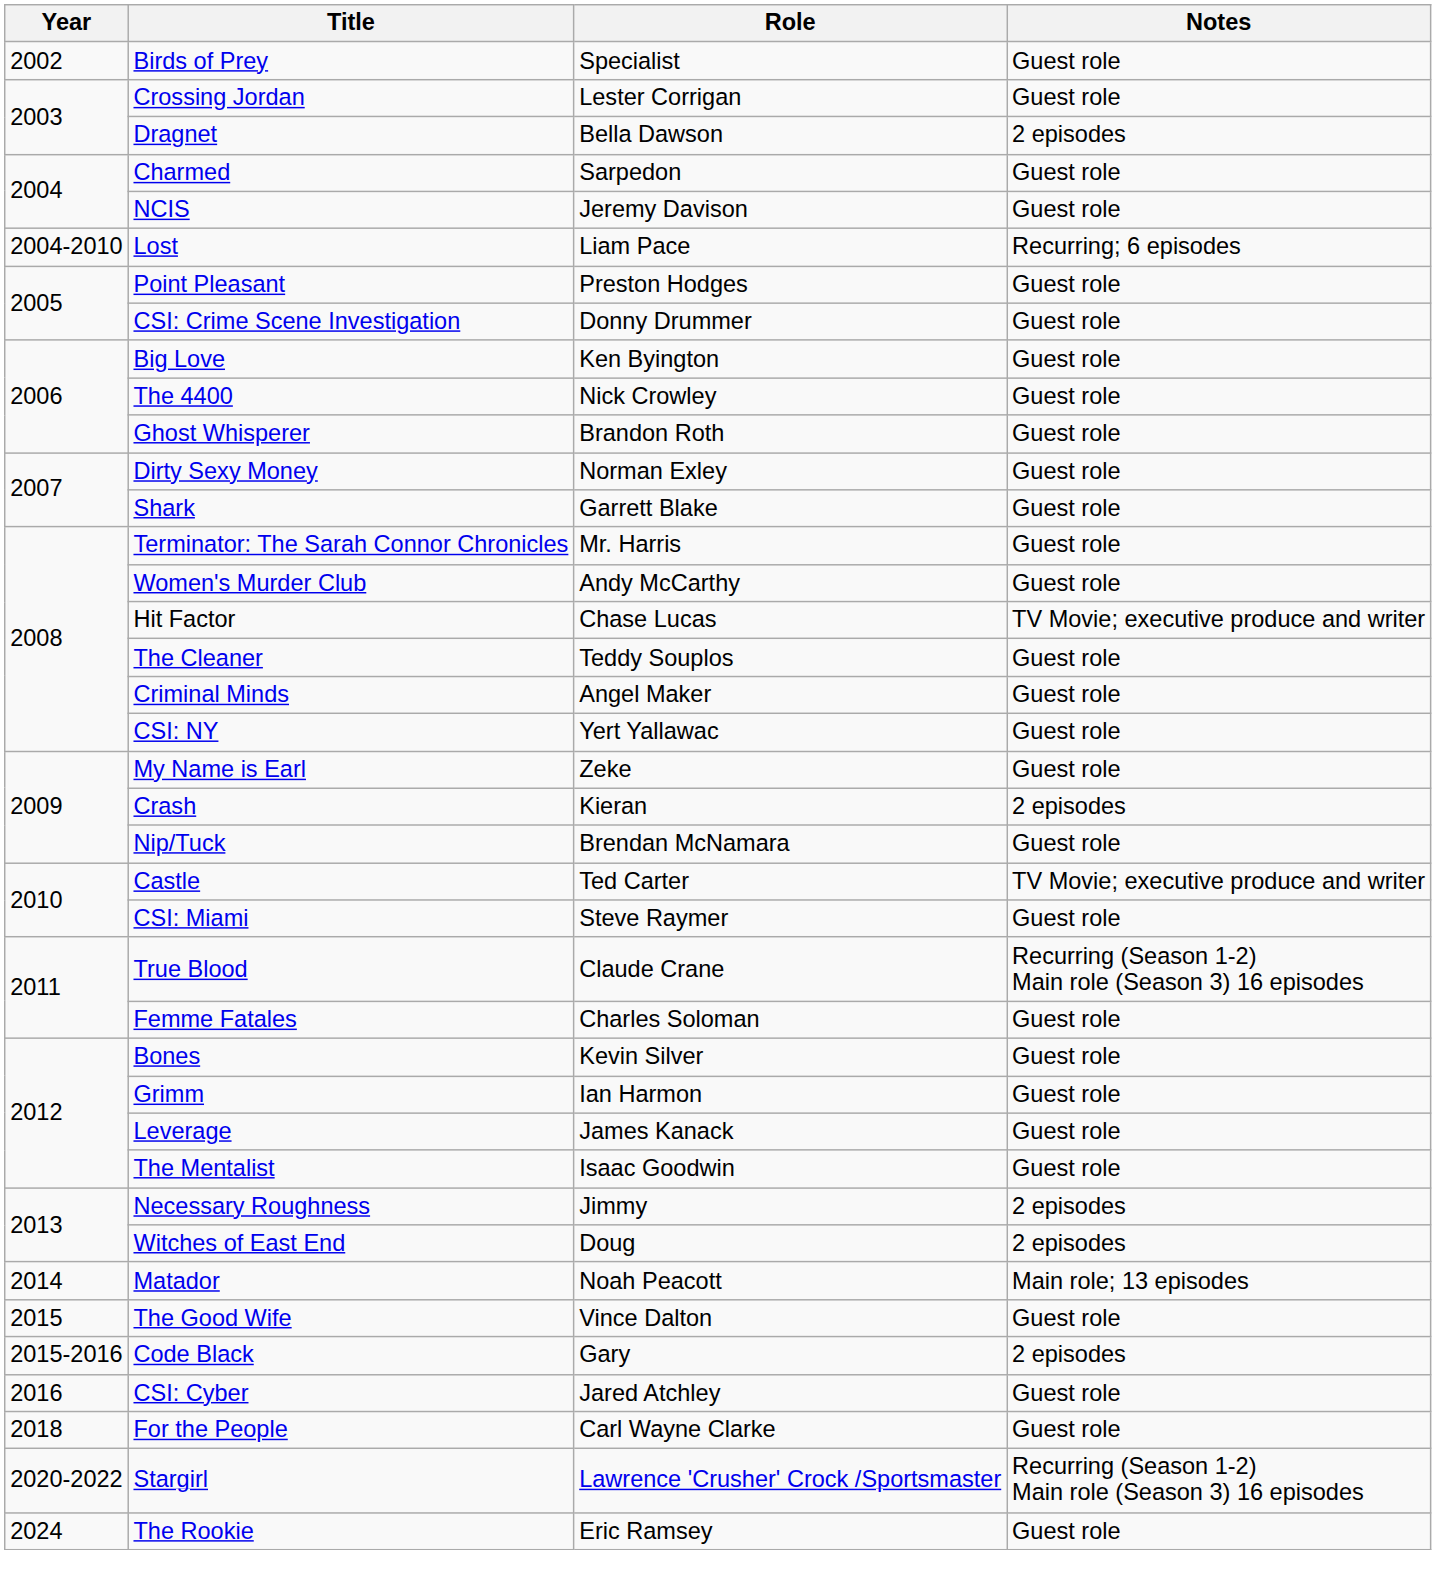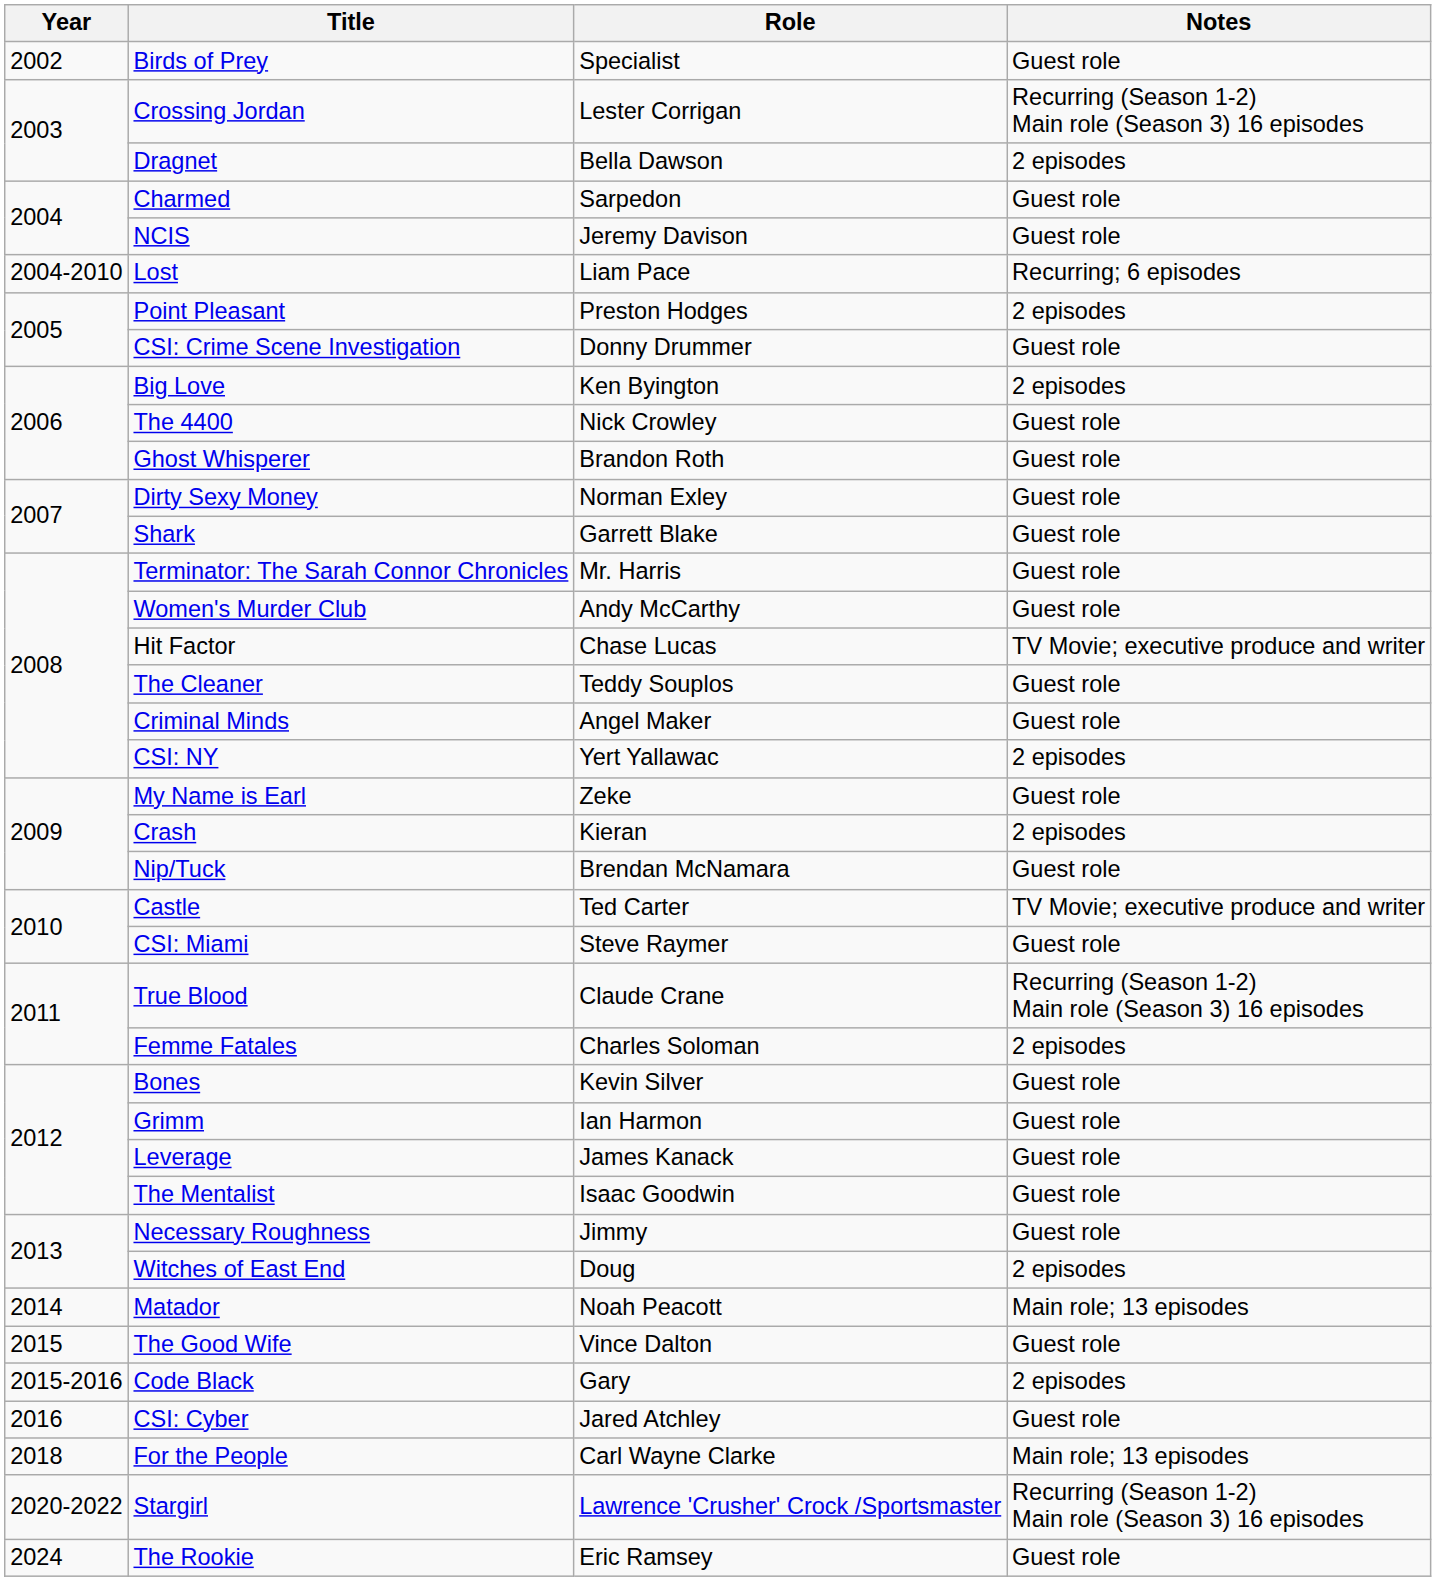 <table class="wikitable sortable">
 <tr>
 <th scope="col">Year</th>
 <th scope="col">Title</th>
 <th scope="col">Role</th>
 <th class="unsortable" scope="col">Notes</th>
 </tr>
 <tr>
 <td>2002</td>
 <td><a href='#'>Birds of Prey</a></td>
 <td>Specialist</td>
 <td>Guest role</td>
 </tr>
 <tr>
 <td rowspan="2">2003</td>
 <td><a href='#'>Crossing Jordan</a></td>
 <td>Lester Corrigan</td>
-<td>Guest role</td>
+<td>Recurring (Season 1-2)<br>Main role (Season 3) 16 episodes</td>
 </tr>
 <tr>
 <td><a href='#'>Dragnet</a></td>
 <td>Bella Dawson</td>
 <td>2 episodes</td>
 </tr>
 <tr>
 <td rowspan="2">2004</td>
 <td><a href='#'>Charmed</a></td>
 <td>Sarpedon</td>
 <td>Guest role</td>
 </tr>
 <tr>
 <td><a href='#'>NCIS</a></td>
 <td>Jeremy Davison</td>
 <td>Guest role</td>
 </tr>
 <tr>
 <td>2004-2010</td>
 <td><a href='#'>Lost</a></td>
 <td>Liam Pace</td>
 <td>Recurring; 6 episodes</td>
 </tr>
 <tr>
 <td rowspan="2">2005</td>
 <td><a href='#'>Point Pleasant</a></td>
 <td>Preston Hodges</td>
-<td>Guest role</td>
+<td>2 episodes</td>
 </tr>
 <tr>
 <td><a href='#'>CSI: Crime Scene Investigation</a></td>
 <td>Donny Drummer</td>
 <td>Guest role</td>
 </tr>
 <tr>
 <td rowspan="3">2006</td>
 <td><a href='#'>Big Love</a></td>
 <td>Ken Byington</td>
-<td>Guest role</td>
+<td>2 episodes</td>
 </tr>
 <tr>
 <td><a href='#'>The 4400</a></td>
 <td>Nick Crowley</td>
 <td>Guest role</td>
 </tr>
 <tr>
 <td><a href='#'>Ghost Whisperer</a></td>
 <td>Brandon Roth</td>
 <td>Guest role</td>
 </tr>
 <tr>
 <td rowspan="2">2007</td>
 <td><a href='#'>Dirty Sexy Money</a></td>
 <td>Norman Exley</td>
 <td>Guest role</td>
 </tr>
 <tr>
 <td><a href='#'>Shark</a></td>
 <td>Garrett Blake</td>
 <td>Guest role</td>
 </tr>
 <tr>
 <td rowspan="6">2008</td>
 <td><a href='#'>Terminator: The Sarah Connor Chronicles</a></td>
 <td>Mr. Harris</td>
 <td>Guest role</td>
 </tr>
 <tr>
 <td><a href='#'>Women's Murder Club</a></td>
 <td>Andy McCarthy</td>
 <td>Guest role</td>
 </tr>
 <tr>
 <td>Hit Factor</td>
 <td>Chase Lucas</td>
 <td>TV Movie; executive produce and writer</td>
 </tr>
 <tr>
 <td><a href='#'>The Cleaner</a></td>
 <td>Teddy Souplos</td>
 <td>Guest role</td>
 </tr>
 <tr>
 <td><a href='#'>Criminal Minds</a></td>
 <td>Angel Maker</td>
 <td>Guest role</td>
 </tr>
 <tr>
 <td><a href='#'>CSI: NY</a></td>
 <td>Yert Yallawac</td>
-<td>Guest role</td>
+<td>2 episodes</td>
 </tr>
 <tr>
 <td rowspan="3">2009</td>
 <td><a href='#'>My Name is Earl</a></td>
 <td>Zeke</td>
 <td>Guest role</td>
 </tr>
 <tr>
 <td><a href='#'>Crash</a></td>
 <td>Kieran</td>
 <td>2 episodes</td>
 </tr>
 <tr>
 <td><a href='#'>Nip/Tuck</a></td>
 <td>Brendan McNamara</td>
 <td>Guest role</td>
 </tr>
 <tr>
 <td rowspan="2">2010</td>
 <td><a href='#'>Castle</a></td>
 <td>Ted Carter</td>
 <td>TV Movie; executive produce and writer</td>
 </tr>
 <tr>
 <td><a href='#'>CSI: Miami</a></td>
 <td>Steve Raymer</td>
 <td>Guest role</td>
 </tr>
 <tr>
 <td rowspan="2">2011</td>
 <td><a href='#'>True Blood</a></td>
 <td>Claude Crane</td>
 <td>Recurring (Season 1-2)<br>Main role (Season 3) 16 episodes</td>
 </tr>
 <tr>
 <td><a href='#'>Femme Fatales</a></td>
 <td>Charles Soloman</td>
-<td>Guest role</td>
+<td>2 episodes</td>
 </tr>
 <tr>
 <td rowspan="4">2012</td>
 <td><a href='#'>Bones</a></td>
 <td>Kevin Silver</td>
 <td>Guest role</td>
 </tr>
 <tr>
 <td><a href='#'>Grimm</a></td>
 <td>Ian Harmon</td>
 <td>Guest role</td>
 </tr>
 <tr>
 <td><a href='#'>Leverage</a></td>
 <td>James Kanack</td>
 <td>Guest role</td>
 </tr>
 <tr>
 <td><a href='#'>The Mentalist</a></td>
 <td>Isaac Goodwin</td>
 <td>Guest role</td>
 </tr>
 <tr>
 <td rowspan="2">2013</td>
 <td><a href='#'>Necessary Roughness</a></td>
 <td>Jimmy</td>
-<td>2 episodes</td>
+<td>Guest role</td>
 </tr>
 <tr>
 <td><a href='#'>Witches of East End</a></td>
 <td>Doug</td>
 <td>2 episodes</td>
 </tr>
 <tr>
 <td>2014</td>
 <td><a href='#'>Matador</a></td>
 <td>Noah Peacott</td>
 <td>Main role; 13 episodes</td>
 </tr>
 <tr>
 <td>2015</td>
 <td><a href='#'>The Good Wife</a></td>
 <td>Vince Dalton</td>
 <td>Guest role</td>
 </tr>
 <tr>
 <td>2015-2016</td>
 <td><a href='#'>Code Black</a></td>
 <td>Gary</td>
 <td>2 episodes</td>
 </tr>
 <tr>
 <td>2016</td>
 <td><a href='#'>CSI: Cyber</a></td>
 <td>Jared Atchley</td>
 <td>Guest role</td>
 </tr>
 <tr>
 <td>2018</td>
 <td><a href='#'>For the People</a></td>
 <td>Carl Wayne Clarke</td>
-<td>Guest role</td>
+<td>Main role; 13 episodes</td>
 </tr>
 <tr>
 <td>2020-2022</td>
 <td><a href='#'>Stargirl</a></td>
 <td><a href='#'>Lawrence 'Crusher' Crock /Sportsmaster</a></td>
 <td>Recurring (Season 1-2)<br>Main role (Season 3) 16 episodes</td>
 </tr>
 <tr>
 <td>2024</td>
 <td><a href='#'>The Rookie</a></td>
 <td>Eric Ramsey</td>
 <td>Guest role</td>
 </tr>
 </table>
